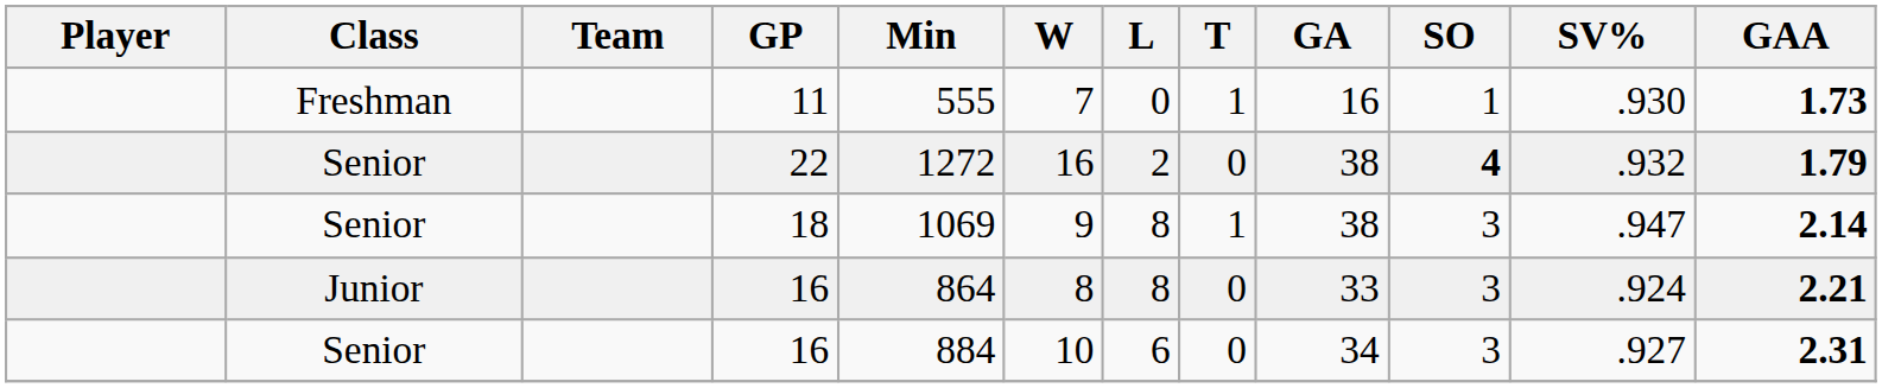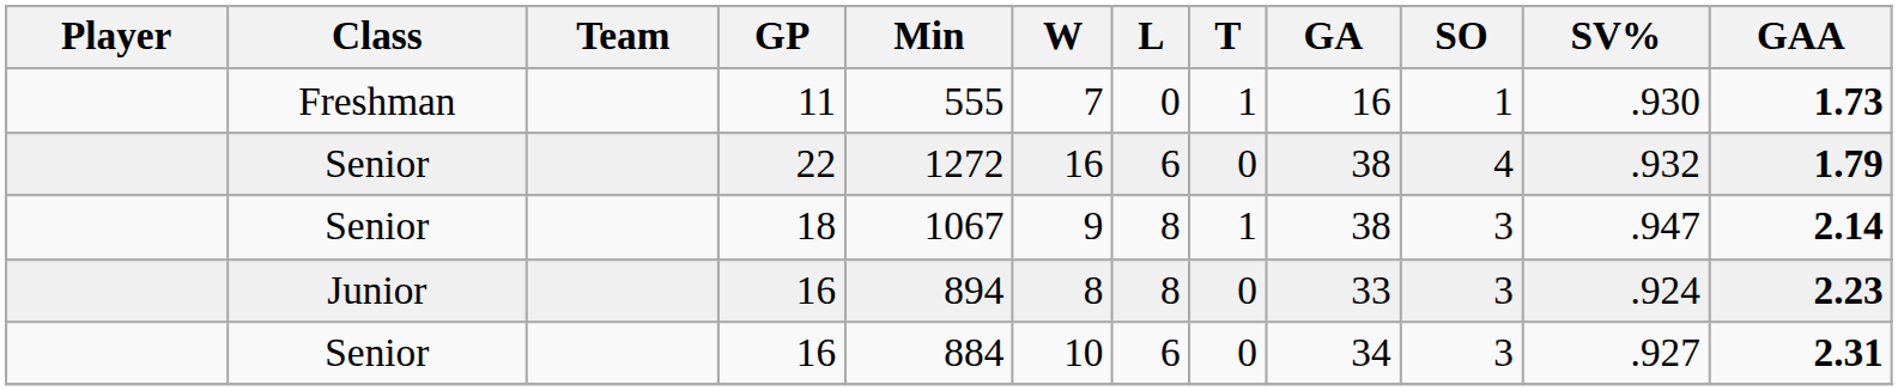 <table class="wikitable sortable" style="text-align: center; "width=60%">
 <tr>
 <th>Player</th>
 <th>Class</th>
 <th>Team</th>
 <th>GP</th>
 <th>Min</th>
 <th>W</th>
 <th>L</th>
 <th>T</th>
 <th>GA</th>
 <th>SO</th>
 <th>SV%</th>
 <th>GAA</th>
 </tr>
 <tr>
 <td style="text-align: left"></td>
 <td>Freshman</td>
 <td><strong><a href='#'></a></strong></td>
 <td style="text-align: right">11</td>
 <td style="text-align: right">555</td>
 <td style="text-align: right">7</td>
 <td style="text-align: right">0</td>
 <td style="text-align: right">1</td>
 <td style="text-align: right">16</td>
 <td style="text-align: right">1</td>
 <td style="text-align: right">.930</td>
 <td style="text-align: right"><strong>1.73</strong></td>
 </tr>
 <tr bgcolor=f0f0f0>
 <td style="text-align: left"></td>
 <td>Senior</td>
 <td><strong><a href='#'></a></strong></td>
 <td style="text-align: right">22</td>
 <td style="text-align: right">1272</td>
 <td style="text-align: right">16</td>
-<td style="text-align: right">2</td>
+<td style="text-align: right">6</td>
 <td style="text-align: right">0</td>
 <td style="text-align: right">38</td>
-<td style="text-align: right"><strong>4</strong></td>
+<td style="text-align: right">4</td>
 <td style="text-align: right">.932</td>
 <td style="text-align: right"><strong>1.79</strong></td>
 </tr>
 <tr>
 <td style="text-align: left"></td>
 <td>Senior</td>
 <td></td>
 <td style="text-align: right">18</td>
-<td style="text-align: right">1069</td>
+<td style="text-align: right">1067</td>
 <td style="text-align: right">9</td>
 <td style="text-align: right">8</td>
 <td style="text-align: right">1</td>
 <td style="text-align: right">38</td>
 <td style="text-align: right">3</td>
 <td style="text-align: right">.947</td>
 <td style="text-align: right"><strong>2.14</strong></td>
 </tr>
 <tr bgcolor=f0f0f0>
 <td style="text-align: left"></td>
 <td>Junior</td>
 <td><strong><a href='#'></a></strong></td>
 <td style="text-align: right">16</td>
-<td style="text-align: right">864</td>
+<td style="text-align: right">894</td>
 <td style="text-align: right">8</td>
 <td style="text-align: right">8</td>
 <td style="text-align: right">0</td>
 <td style="text-align: right">33</td>
 <td style="text-align: right">3</td>
 <td style="text-align: right">.924</td>
-<td style="text-align: right"><strong>2.21</strong></td>
+<td style="text-align: right"><strong>2.23</strong></td>
 </tr>
 <tr>
 <td style="text-align: left"></td>
 <td>Senior</td>
 <td><strong><a href='#'></a></strong></td>
 <td style="text-align: right">16</td>
 <td style="text-align: right">884</td>
 <td style="text-align: right">10</td>
 <td style="text-align: right">6</td>
 <td style="text-align: right">0</td>
 <td style="text-align: right">34</td>
 <td style="text-align: right">3</td>
 <td style="text-align: right">.927</td>
 <td style="text-align: right"><strong>2.31</strong></td>
 </tr>
 <tr>
 </tr>
 </table>
